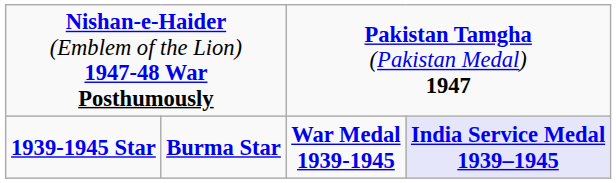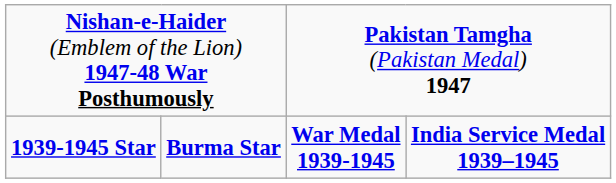 <table class="wikitable" style="margin:1em auto; text-align:center;">
 <tr>
 <td colspan="2"><strong><a href='#'>Nishan-e-Haider</a></strong><br><em>(Emblem of the Lion)</em><br><strong><a href='#'>1947-48 War</a></strong><br><strong><u>Posthumously</u></strong></td>
 <td colspan="2"><strong><a href='#'>Pakistan Tamgha</a></strong><br><em>(<a href='#'>Pakistan Medal</a>)</em><br><strong>1947</strong></td>
 </tr>
 <tr>
 <td><strong><a href='#'>1939-1945 Star</a></strong></td>
 <td><strong><a href='#'>Burma Star</a></strong></td>
 <td><strong><a href='#'>War Medal</a></strong><br><strong><a href='#'>1939-1945</a></strong></td>
-<td style="background: lavender;"><strong><a href='#'>India Service Medal</a></strong><br><a href='#'><strong>1939–1945</strong></a></td>
+<td><strong><a href='#'>India Service Medal</a></strong><br><a href='#'><strong>1939–1945</strong></a></td>
 </tr>
 </table>
